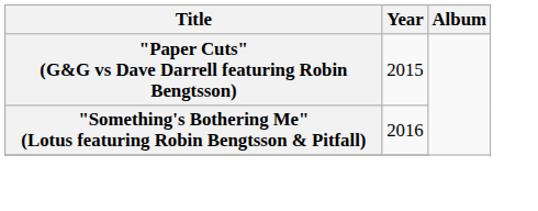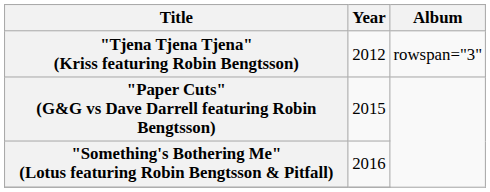 <table class="wikitable plainrowheaders" style="text-align:center;">
 <tr>
 <th scope="col" style="width:20em;">Title</th>
 <th scope="col" style="width:1em;">Year</th>
 <th scope="col">Album</th>
+</tr>
+<tr>
+<th scope="row">"Tjena Tjena Tjena"<br><span>(Kriss featuring Robin Bengtsson)</span></th>
+<td>2012</td>
+<td>rowspan="3" </td>
 </tr>
 <tr>
 <th scope="row">"Paper Cuts"<br><span>(G&G vs Dave Darrell featuring Robin Bengtsson)</span></th>
 <td>2015</td>
 </tr>
 <tr>
 <th scope="row">"Something's Bothering Me"<br><span>(Lotus featuring Robin Bengtsson & Pitfall)</span></th>
 <td>2016</td>
 </tr>
 <tr>
 </tr>
 </table>
